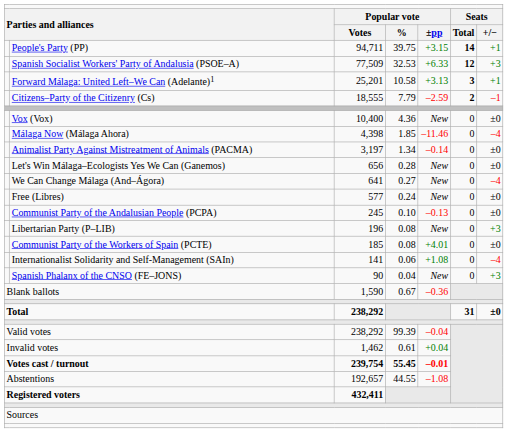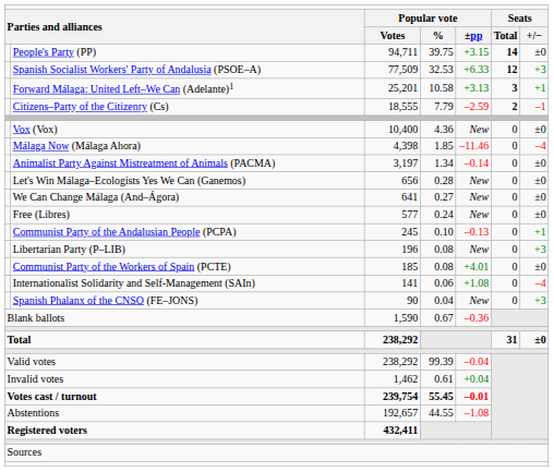 <table class="wikitable" style="text-align:right;">
 <tr>
 <td colspan="7"></td>
 </tr>
 <tr>
 <th style="text-align:left;" rowspan="2" colspan="2" width="525">Parties and alliances</th>
 <th colspan="3">Popular vote</th>
 <th colspan="2">Seats</th>
 </tr>
 <tr>
 <th width="75">Votes</th>
 <th width="45">%</th>
 <th width="45">±<a href='#'>pp</a></th>
 <th width="35">Total</th>
 <th width="35">+/−</th>
 </tr>
 <tr>
 <td width="1" style="color:inherit;background:"></td>
 <td align="left"><a href='#'>People's Party</a> (PP)</td>
 <td>94,711</td>
 <td>39.75</td>
 <td style="color:green;">+3.15</td>
 <td><strong>14</strong></td>
-<td style="color:green;">+1</td>
+<td>±0</td>
 </tr>
 <tr>
 <td style="color:inherit;background:"></td>
 <td align="left"><a href='#'>Spanish Socialist Workers' Party of Andalusia</a> (PSOE–A)</td>
 <td>77,509</td>
 <td>32.53</td>
 <td style="color:green;">+6.33</td>
 <td><strong>12</strong></td>
 <td style="color:green;">+3</td>
 </tr>
 <tr>
 <td style="color:inherit;background:"></td>
 <td align="left"><a href='#'>Forward Málaga: United Left–We Can</a> (Adelante)<sup>1</sup></td>
 <td>25,201</td>
 <td>10.58</td>
 <td style="color:green;">+3.13</td>
 <td><strong>3</strong></td>
 <td style="color:green;">+1</td>
 </tr>
 <tr>
 <td style="color:inherit;background:"></td>
 <td align="left"><a href='#'>Citizens–Party of the Citizenry</a> (Cs)</td>
 <td>18,555</td>
 <td>7.79</td>
 <td style="color:red;">–2.59</td>
 <td><strong>2</strong></td>
 <td style="color:red;">–1</td>
 </tr>
 <tr>
 <td colspan="7" bgcolor="#C0C0C0"></td>
 </tr>
 <tr>
 <td style="color:inherit;background:"></td>
 <td align="left"><a href='#'>Vox</a> (Vox)</td>
 <td>10,400</td>
 <td>4.36</td>
 <td><em>New</em></td>
 <td>0</td>
 <td>±0</td>
 </tr>
 <tr>
 <td style="color:inherit;background:"></td>
 <td align="left"><a href='#'>Málaga Now</a> (Málaga Ahora)</td>
 <td>4,398</td>
 <td>1.85</td>
 <td style="color:red;">–11.46</td>
 <td>0</td>
 <td style="color:red;">–4</td>
 </tr>
 <tr>
 <td style="color:inherit;background:"></td>
 <td align="left"><a href='#'>Animalist Party Against Mistreatment of Animals</a> (PACMA)</td>
 <td>3,197</td>
 <td>1.34</td>
 <td style="color:red;">–0.14</td>
 <td>0</td>
 <td>±0</td>
 </tr>
 <tr>
 <td style="color:inherit;background:"></td>
 <td align="left">Let's Win Málaga–Ecologists Yes We Can (Ganemos)</td>
 <td>656</td>
 <td>0.28</td>
 <td><em>New</em></td>
 <td>0</td>
 <td>±0</td>
 </tr>
 <tr>
 <td style="color:inherit;background:"></td>
 <td align="left">We Can Change Málaga (And–Ágora)</td>
 <td>641</td>
 <td>0.27</td>
 <td><em>New</em></td>
 <td>0</td>
-<td style="color:red;">–4</td>
+<td>±0</td>
 </tr>
 <tr>
 <td style="color:inherit;background:"></td>
 <td align="left">Free (Libres)</td>
 <td>577</td>
 <td>0.24</td>
 <td><em>New</em></td>
 <td>0</td>
 <td>±0</td>
 </tr>
 <tr>
 <td style="color:inherit;background:"></td>
 <td align="left"><a href='#'>Communist Party of the Andalusian People</a> (PCPA)</td>
 <td>245</td>
 <td>0.10</td>
 <td style="color:red;">–0.13</td>
 <td>0</td>
-<td>±0</td>
+<td style="color:green;">+1</td>
 </tr>
 <tr>
 <td style="color:inherit;background:"></td>
 <td align="left">Libertarian Party (P–LIB)</td>
 <td>196</td>
 <td>0.08</td>
 <td><em>New</em></td>
 <td>0</td>
 <td style="color:green;">+3</td>
 </tr>
 <tr>
 <td style="color:inherit;background:"></td>
 <td align="left"><a href='#'>Communist Party of the Workers of Spain</a> (PCTE)</td>
 <td>185</td>
 <td>0.08</td>
 <td style="color:green;">+4.01</td>
 <td>0</td>
 <td>±0</td>
 </tr>
 <tr>
 <td style="color:inherit;background:"></td>
 <td align="left">Internationalist Solidarity and Self-Management (SAIn)</td>
 <td>141</td>
 <td>0.06</td>
 <td style="color:green;">+1.08</td>
 <td>0</td>
 <td style="color:red;">–4</td>
 </tr>
 <tr>
 <td style="color:inherit;background:"></td>
 <td align="left"><a href='#'>Spanish Phalanx of the CNSO</a> (FE–JONS)</td>
 <td>90</td>
 <td>0.04</td>
 <td><em>New</em></td>
 <td>0</td>
 <td style="color:green;">+3</td>
 </tr>
 <tr>
 <td align="left" colspan="2">Blank ballots</td>
 <td>1,590</td>
 <td>0.67</td>
 <td style="color:red;">–0.36</td>
 <td bgcolor="#E9E9E9" colspan="2"></td>
 </tr>
 <tr>
 <td colspan="7" bgcolor="#E9E9E9"></td>
 </tr>
 <tr style="font-weight:bold;">
 <td align="left" colspan="2">Total</td>
 <td>238,292</td>
 <td bgcolor="#E9E9E9" colspan="2"></td>
 <td>31</td>
 <td>±0</td>
 </tr>
 <tr>
 <td colspan="7" bgcolor="#E9E9E9"></td>
 </tr>
 <tr>
 <td align="left" colspan="2">Valid votes</td>
 <td>238,292</td>
 <td>99.39</td>
 <td style="color:red;">–0.04</td>
 <td bgcolor="#E9E9E9" colspan="2" rowspan="5"></td>
 </tr>
 <tr>
 <td align="left" colspan="2">Invalid votes</td>
 <td>1,462</td>
 <td>0.61</td>
 <td style="color:green;">+0.04</td>
 </tr>
 <tr style="font-weight:bold;">
 <td align="left" colspan="2">Votes cast / turnout</td>
 <td>239,754</td>
 <td>55.45</td>
 <td style="color:red;">–0.01</td>
 </tr>
 <tr>
 <td align="left" colspan="2">Abstentions</td>
 <td>192,657</td>
 <td>44.55</td>
 <td style="color:red;">–1.08</td>
 </tr>
 <tr style="font-weight:bold;">
 <td align="left" colspan="2">Registered voters</td>
 <td>432,411</td>
 <td bgcolor="#E9E9E9" colspan="2"></td>
 </tr>
 <tr>
 <td colspan="7" bgcolor="#E9E9E9"></td>
 </tr>
 <tr>
 <td align="left" colspan="7">Sources</td>
 </tr>
 <tr>
 <td colspan="7" style="text-align:left; max-width:790px;"></td>
 </tr>
 </table>
